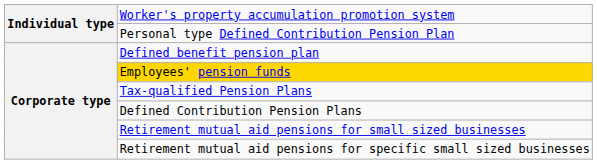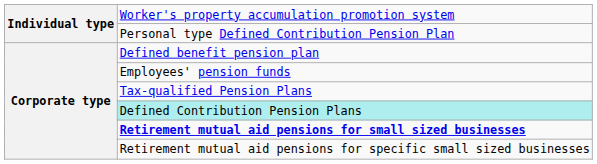 <table class="wikitable">
 <tr>
 <th rowspan=2>Individual type</th>
 <td><a href='#'>Worker's property accumulation promotion system</a></td>
 </tr>
 <tr>
 <td>Personal type <a href='#'>Defined Contribution Pension Plan</a></td>
 </tr>
 <tr>
 <th rowspan=7>Corporate type</th>
 <td><a href='#'>Defined benefit pension plan</a></td>
 </tr>
 <tr>
-<td style="background: gold;">Employees' <a href='#'>pension funds</a></td>
+<td>Employees' <a href='#'>pension funds</a></td>
 </tr>
 <tr>
 <td><a href='#'>Tax-qualified Pension Plans</a></td>
 </tr>
 <tr>
-<td>Defined Contribution Pension Plans</td>
+<td style="background: paleturquoise;">Defined Contribution Pension Plans</td>
 </tr>
 <tr>
-<td><a href='#'>Retirement mutual aid pensions for small sized businesses</a></td>
+<td><strong><a href='#'>Retirement mutual aid pensions for small sized businesses</a></strong></td>
 </tr>
 <tr>
 <td>Retirement mutual aid pensions for specific small sized businesses</td>
 </tr>
 </table>
